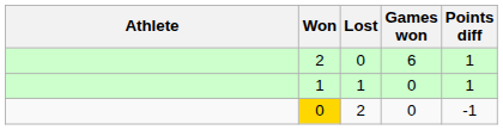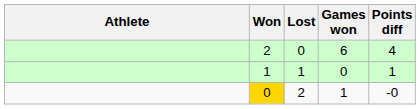 <table class="wikitable">
 <tr>
 <th style="width:18em">Athlete</th>
 <th>Won</th>
 <th>Lost</th>
 <th>Games<br>won</th>
 <th>Points<br>diff</th>
 </tr>
 <tr bgcolor="#ccffcc">
 <td></td>
 <td align="center">2</td>
 <td align="center">0</td>
 <td align="center">6</td>
-<td align="center">1</td>
+<td align="center">4</td>
 </tr>
 <tr bgcolor="#ccffcc">
 <td></td>
 <td align="center">1</td>
 <td align="center">1</td>
 <td align="center">0</td>
 <td align="center">1</td>
 </tr>
 <tr>
 <td></td>
 <td align="center" style="background: gold;">0</td>
 <td align="center">2</td>
-<td align="center">0</td>
-<td align="center">-1</td>
+<td align="center">1</td>
+<td align="center">-0</td>
 </tr>
 </table>
